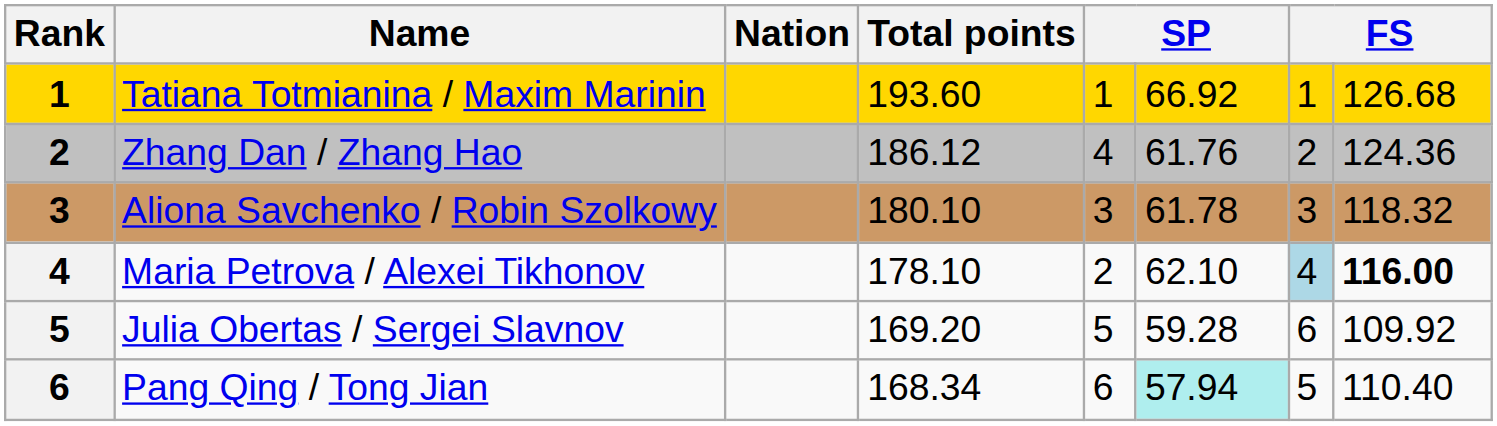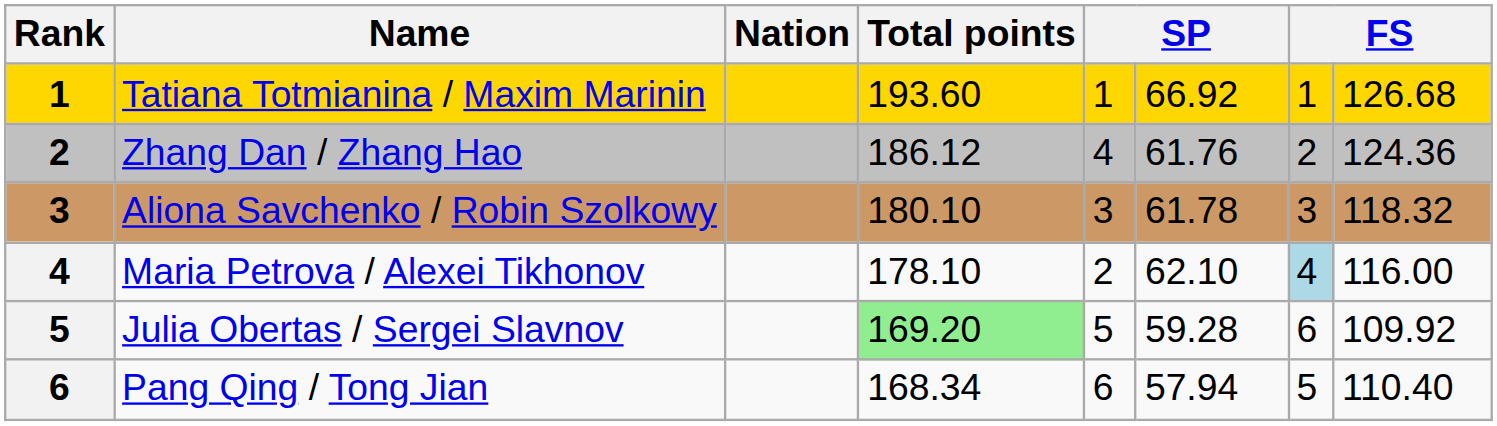 <table class="wikitable">
 <tr>
 <th>Rank</th>
 <th>Name</th>
 <th>Nation</th>
 <th>Total points</th>
 <th colspan="2" width="80px"><a href='#'>SP</a></th>
 <th colspan="2" width="80px"><a href='#'>FS</a></th>
 </tr>
 <tr bgcolor="gold">
 <td align="center"><strong>1</strong></td>
 <td><a href='#'>Tatiana Totmianina</a> / <a href='#'>Maxim Marinin</a></td>
 <td></td>
 <td>193.60</td>
 <td>1</td>
 <td>66.92</td>
 <td>1</td>
 <td>126.68</td>
 </tr>
 <tr bgcolor="silver">
 <td align="center"><strong>2</strong></td>
 <td><a href='#'>Zhang Dan</a> / <a href='#'>Zhang Hao</a></td>
 <td></td>
 <td>186.12</td>
 <td>4</td>
 <td>61.76</td>
 <td>2</td>
 <td>124.36</td>
 </tr>
 <tr bgcolor="cc9966">
 <td align="center"><strong>3</strong></td>
 <td><a href='#'>Aliona Savchenko</a> / <a href='#'>Robin Szolkowy</a></td>
 <td></td>
 <td>180.10</td>
 <td>3</td>
 <td>61.78</td>
 <td>3</td>
 <td>118.32</td>
 </tr>
 <tr>
 <th>4</th>
 <td><a href='#'>Maria Petrova</a> / <a href='#'>Alexei Tikhonov</a></td>
 <td></td>
 <td>178.10</td>
 <td>2</td>
 <td>62.10</td>
 <td style="background: lightblue;">4</td>
-<td><strong>116.00</strong></td>
+<td>116.00</td>
 </tr>
 <tr>
 <th>5</th>
 <td><a href='#'>Julia Obertas</a> / <a href='#'>Sergei Slavnov</a></td>
 <td></td>
-<td>169.20</td>
+<td style="background: lightgreen;">169.20</td>
 <td>5</td>
 <td>59.28</td>
 <td>6</td>
 <td>109.92</td>
 </tr>
 <tr>
 <th>6</th>
 <td><a href='#'>Pang Qing</a> / <a href='#'>Tong Jian</a></td>
 <td></td>
 <td>168.34</td>
 <td>6</td>
-<td style="background: paleturquoise;">57.94</td>
+<td>57.94</td>
 <td>5</td>
 <td>110.40</td>
 </tr>
 </table>
